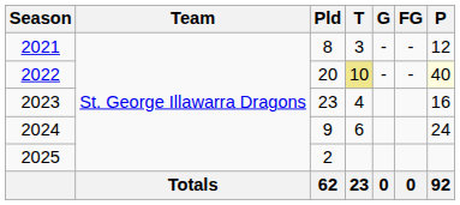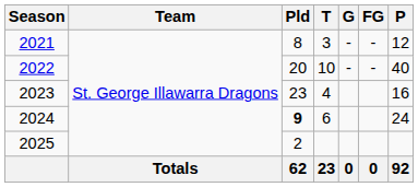 <table class="wikitable" style="border-collapse:collapse;text-align:center">
 <tr>
 <th>Season</th>
 <th>Team</th>
 <th>Pld</th>
 <th>T</th>
 <th>G</th>
 <th>FG</th>
 <th>P</th>
 </tr>
 <tr>
 <td><a href='#'>2021</a></td>
 <td rowspan="5"> <a href='#'>St. George Illawarra Dragons</a></td>
 <td>8</td>
 <td>3</td>
 <td>-</td>
 <td>-</td>
 <td>12</td>
 </tr>
 <tr>
 <td><a href='#'>2022</a></td>
 <td>20</td>
-<td style="background: khaki;">10</td>
+<td>10</td>
 <td>-</td>
 <td>-</td>
-<td style="background: lightyellow;">40</td>
+<td>40</td>
 </tr>
 <tr>
 <td>2023</td>
 <td>23</td>
 <td>4</td>
 <td></td>
 <td></td>
 <td>16</td>
 </tr>
 <tr>
 <td>2024</td>
-<td>9</td>
+<td><strong>9</strong></td>
 <td>6</td>
 <td></td>
 <td></td>
 <td>24</td>
 </tr>
 <tr>
 <td>2025</td>
 <td>2</td>
 <td></td>
 <td></td>
 <td></td>
 <td></td>
 </tr>
 <tr>
 <th></th>
 <th>Totals</th>
 <th>62</th>
 <th>23</th>
 <th>0</th>
 <th>0</th>
 <th>92</th>
 </tr>
 </table>
